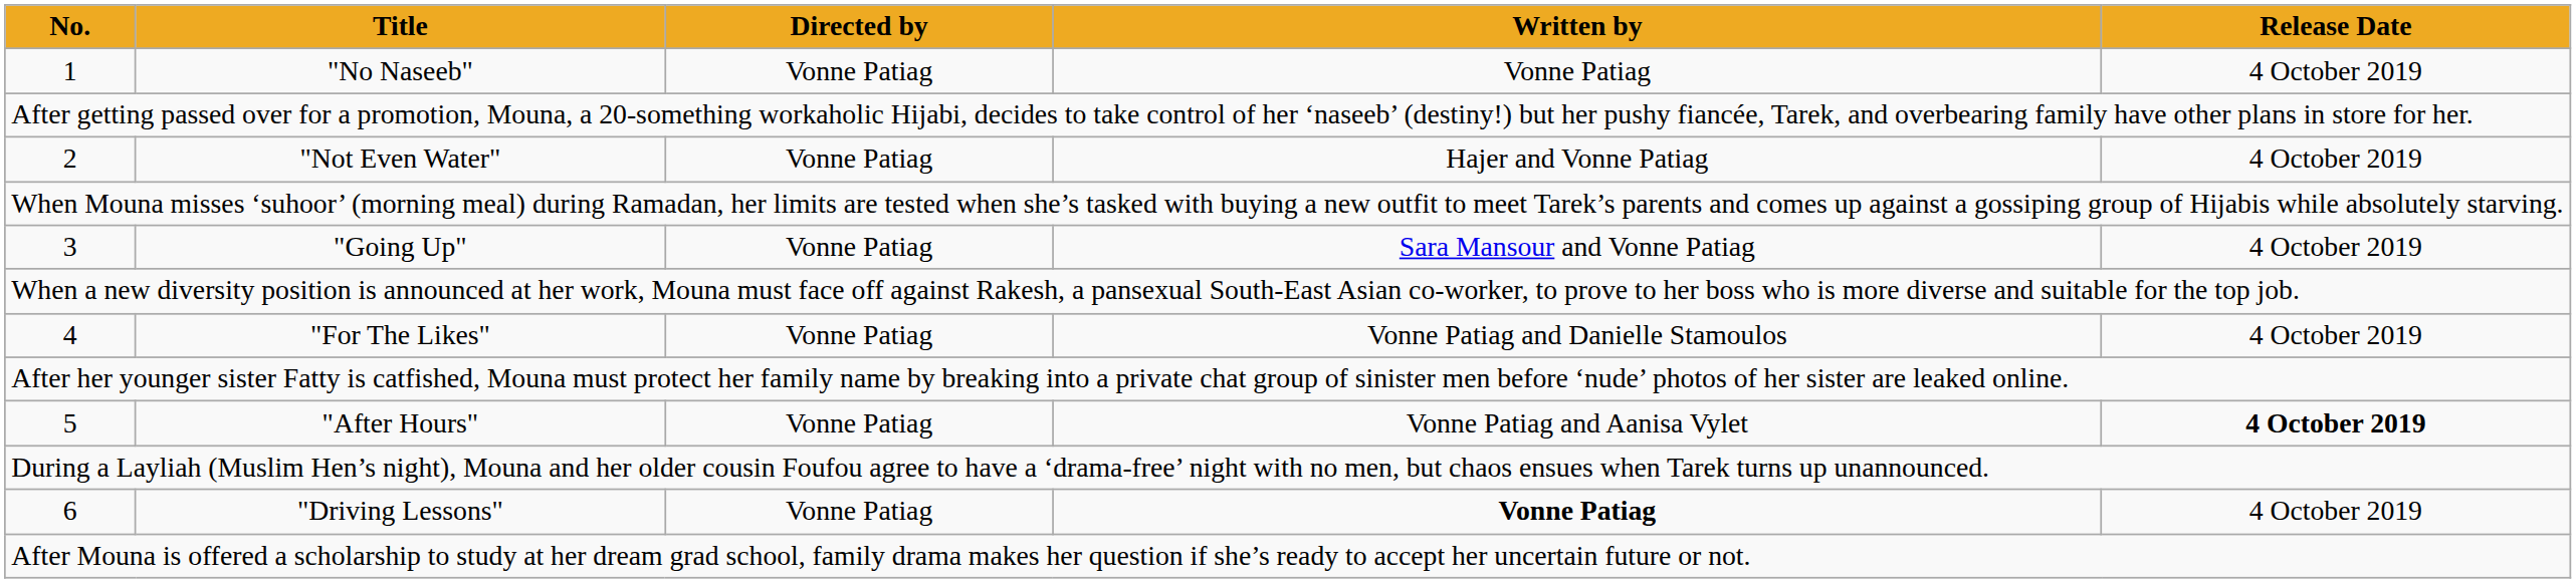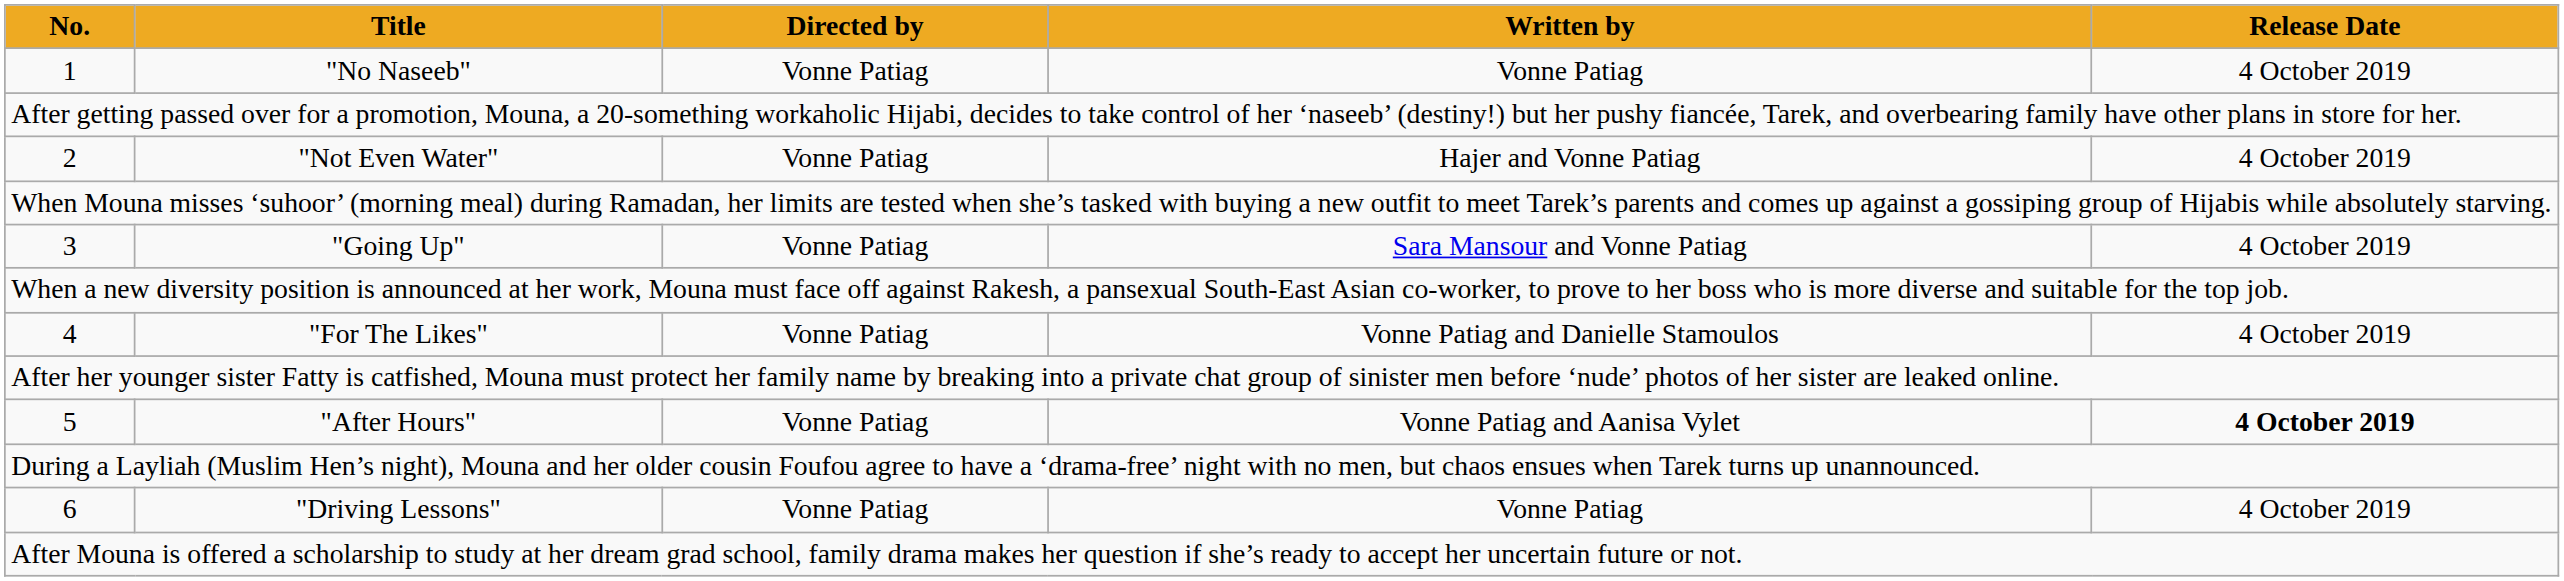 <table class="wikitable" style="text-align: center">
 <tr>
 <th style="background-color: #EEAA22;">No.</th>
 <th style="background-color: #EEAA22;">Title</th>
 <th style="background-color: #EEAA22;">Directed by</th>
 <th style="background-color: #EEAA22;">Written by</th>
 <th style="background-color: #EEAA22;">Release Date</th>
 </tr>
 <tr>
 <td>1</td>
 <td>"No Naseeb"</td>
 <td>Vonne Patiag</td>
 <td>Vonne Patiag</td>
 <td>4 October 2019</td>
 </tr>
 <tr>
 <td style="text-align:left;"colspan="5">After getting passed over for a promotion, Mouna, a 20-something workaholic Hijabi, decides to take control of her ‘naseeb’ (destiny!) but her pushy fiancée, Tarek, and overbearing family have other plans in store for her.</td>
 </tr>
 <tr>
 <td>2</td>
 <td>"Not Even Water"</td>
 <td>Vonne Patiag</td>
 <td>Hajer and Vonne Patiag</td>
 <td>4 October 2019</td>
 </tr>
 <tr>
 <td style="text-align:left;"colspan="5">When Mouna misses ‘suhoor’ (morning meal) during Ramadan, her limits are tested when she’s tasked with buying a new outfit to meet Tarek’s parents and comes up against a gossiping group of Hijabis while absolutely starving.</td>
 </tr>
 <tr>
 <td>3</td>
 <td>"Going Up"</td>
 <td>Vonne Patiag</td>
 <td><a href='#'>Sara Mansour</a> and Vonne Patiag</td>
 <td>4 October 2019</td>
 </tr>
 <tr>
 <td style="text-align:left;"colspan="5">When a new diversity position is announced at her work, Mouna must face off against Rakesh, a pansexual South-East Asian co-worker, to prove to her boss who is more diverse and suitable for the top job.</td>
 </tr>
 <tr>
 <td>4</td>
 <td>"For The Likes"</td>
 <td>Vonne Patiag</td>
 <td>Vonne Patiag and Danielle Stamoulos</td>
 <td>4 October 2019</td>
 </tr>
 <tr>
 <td style="text-align:left;"colspan="5">After her younger sister Fatty is catfished, Mouna must protect her family name by breaking into a private chat group of sinister men before ‘nude’ photos of her sister are leaked online.</td>
 </tr>
 <tr>
 <td>5</td>
 <td>"After Hours"</td>
 <td>Vonne Patiag</td>
 <td>Vonne Patiag and Aanisa Vylet</td>
 <td><strong>4 October 2019</strong></td>
 </tr>
 <tr>
 <td style="text-align:left;"colspan="5">During a Layliah (Muslim Hen’s night), Mouna and her older cousin Foufou agree to have a ‘drama-free’ night with no men, but chaos ensues when Tarek turns up unannounced.</td>
 </tr>
 <tr>
 <td>6</td>
 <td>"Driving Lessons"</td>
 <td>Vonne Patiag</td>
-<td><strong>Vonne Patiag</strong></td>
+<td>Vonne Patiag</td>
 <td>4 October 2019</td>
 </tr>
 <tr>
 <td style="text-align:left;"colspan="5">After Mouna is offered a scholarship to study at her dream grad school, family drama makes her question if she’s ready to accept her uncertain future or not.</td>
 </tr>
 </table>
